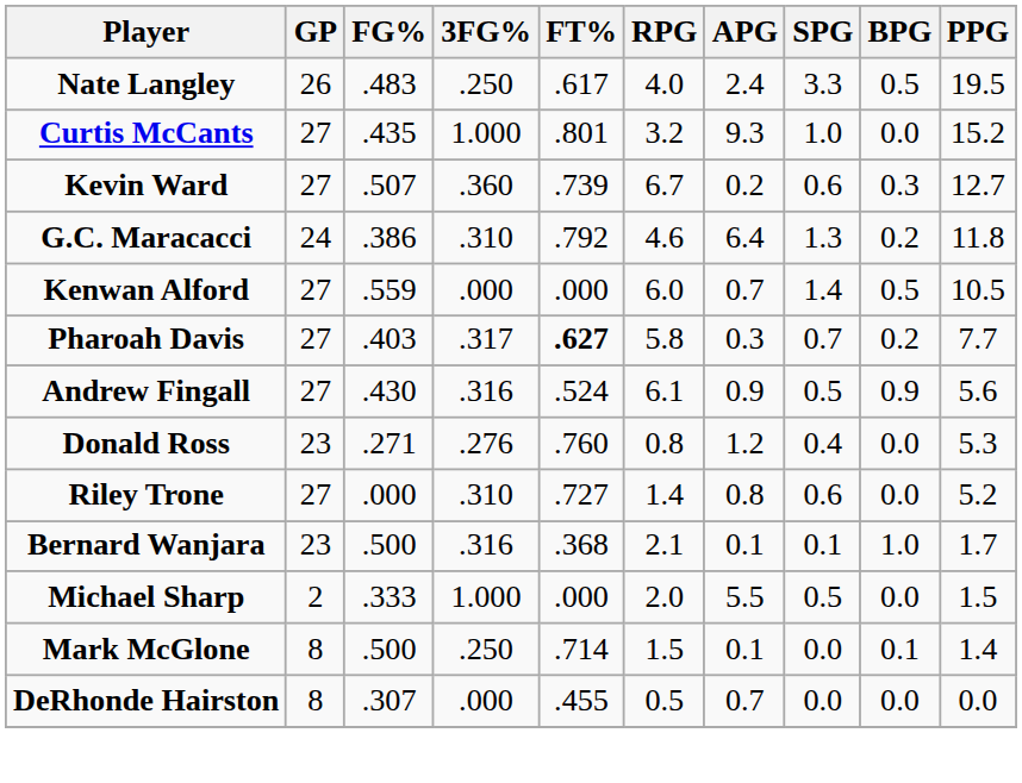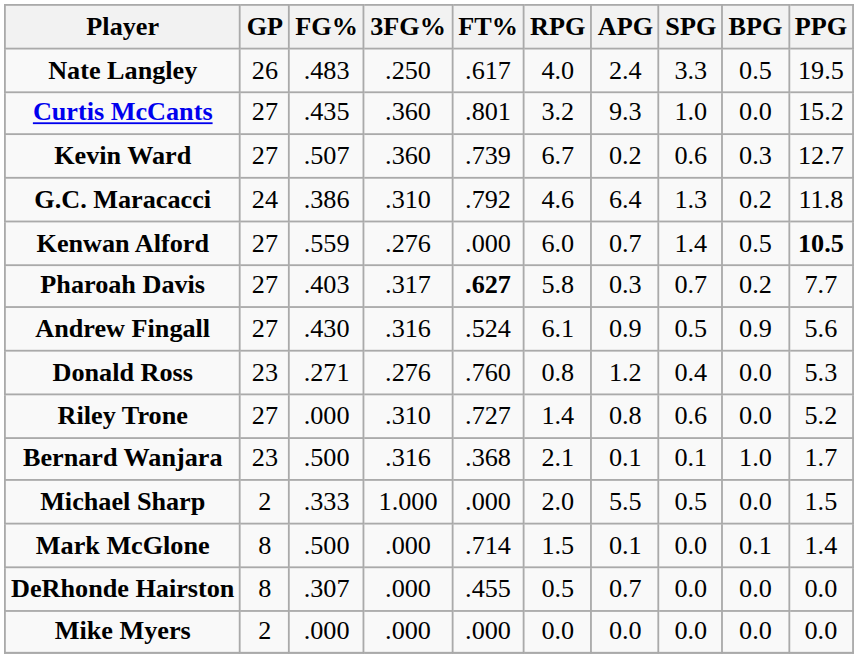 <table class="wikitable sortable" style="font-size: 90%">
 <tr>
 <th>Player</th>
 <th>GP</th>
 <th>FG%</th>
 <th>3FG%</th>
 <th>FT%</th>
 <th>RPG</th>
 <th>APG</th>
 <th>SPG</th>
 <th>BPG</th>
 <th>PPG</th>
 </tr>
 <tr align="center" bgcolor="">
 <td><strong>Nate Langley</strong></td>
 <td>26</td>
 <td>.483</td>
 <td>.250</td>
 <td>.617</td>
 <td>4.0</td>
 <td>2.4</td>
 <td>3.3</td>
 <td>0.5</td>
 <td>19.5</td>
 </tr>
 <tr align="center" bgcolor="">
 <td><strong><a href='#'>Curtis McCants</a></strong></td>
 <td>27</td>
 <td>.435</td>
-<td>1.000</td>
+<td>.360</td>
 <td>.801</td>
 <td>3.2</td>
 <td>9.3</td>
 <td>1.0</td>
 <td>0.0</td>
 <td>15.2</td>
 </tr>
 <tr align="center" bgcolor="">
 <td><strong>Kevin Ward</strong></td>
 <td>27</td>
 <td>.507</td>
 <td>.360</td>
 <td>.739</td>
 <td>6.7</td>
 <td>0.2</td>
 <td>0.6</td>
 <td>0.3</td>
 <td>12.7</td>
 </tr>
 <tr align="center" bgcolor="">
 <td><strong>G.C. Maracacci</strong></td>
 <td>24</td>
 <td>.386</td>
 <td>.310</td>
 <td>.792</td>
 <td>4.6</td>
 <td>6.4</td>
 <td>1.3</td>
 <td>0.2</td>
 <td>11.8</td>
 </tr>
 <tr align="center" bgcolor="">
 <td><strong>Kenwan Alford</strong></td>
 <td>27</td>
 <td>.559</td>
-<td>.000</td>
+<td>.276</td>
 <td>.000</td>
 <td>6.0</td>
 <td>0.7</td>
 <td>1.4</td>
 <td>0.5</td>
-<td>10.5</td>
+<td><strong>10.5</strong></td>
 </tr>
 <tr align="center" bgcolor="">
 <td><strong>Pharoah Davis</strong></td>
 <td>27</td>
 <td>.403</td>
 <td>.317</td>
 <td><strong>.627</strong></td>
 <td>5.8</td>
 <td>0.3</td>
 <td>0.7</td>
 <td>0.2</td>
 <td>7.7</td>
 </tr>
 <tr align="center" bgcolor="">
 <td><strong>Andrew Fingall</strong></td>
 <td>27</td>
 <td>.430</td>
 <td>.316</td>
 <td>.524</td>
 <td>6.1</td>
 <td>0.9</td>
 <td>0.5</td>
 <td>0.9</td>
 <td>5.6</td>
 </tr>
 <tr align="center" bgcolor="">
 <td><strong>Donald Ross</strong></td>
 <td>23</td>
 <td>.271</td>
 <td>.276</td>
 <td>.760</td>
 <td>0.8</td>
 <td>1.2</td>
 <td>0.4</td>
 <td>0.0</td>
 <td>5.3</td>
 </tr>
 <tr align="center" bgcolor="">
 <td><strong>Riley Trone</strong></td>
 <td>27</td>
 <td>.000</td>
 <td>.310</td>
 <td>.727</td>
 <td>1.4</td>
 <td>0.8</td>
 <td>0.6</td>
 <td>0.0</td>
 <td>5.2</td>
 </tr>
 <tr align="center" bgcolor="">
 <td><strong>Bernard Wanjara</strong></td>
 <td>23</td>
 <td>.500</td>
 <td>.316</td>
 <td>.368</td>
 <td>2.1</td>
 <td>0.1</td>
 <td>0.1</td>
 <td>1.0</td>
 <td>1.7</td>
 </tr>
 <tr align="center" bgcolor="">
 <td><strong>Michael Sharp</strong></td>
 <td>2</td>
 <td>.333</td>
 <td>1.000</td>
 <td>.000</td>
 <td>2.0</td>
 <td>5.5</td>
 <td>0.5</td>
 <td>0.0</td>
 <td>1.5</td>
 </tr>
 <tr align="center" bgcolor="">
 <td><strong>Mark McGlone</strong></td>
 <td>8</td>
 <td>.500</td>
-<td>.250</td>
+<td>.000</td>
 <td>.714</td>
 <td>1.5</td>
 <td>0.1</td>
 <td>0.0</td>
 <td>0.1</td>
 <td>1.4</td>
 </tr>
 <tr align="center" bgcolor="">
 <td><strong>DeRhonde Hairston</strong></td>
 <td>8</td>
 <td>.307</td>
 <td>.000</td>
 <td>.455</td>
 <td>0.5</td>
 <td>0.7</td>
 <td>0.0</td>
 <td>0.0</td>
 <td>0.0</td>
 </tr>
 <tr align="center" bgcolor="">
+<td><strong>Mike Myers</strong></td>
+<td>2</td>
+<td>.000</td>
+<td>.000</td>
+<td>.000</td>
+<td>0.0</td>
+<td>0.0</td>
+<td>0.0</td>
+<td>0.0</td>
+<td>0.0</td>
+</tr>
+<tr align="center" bgcolor="">
 </tr>
 </table>
